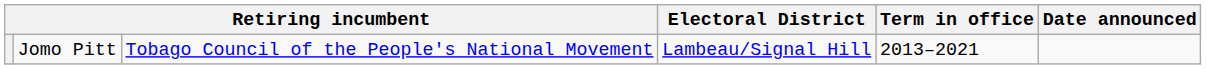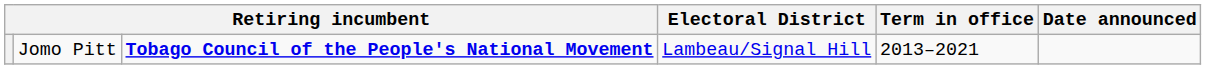 <table class="wikitable sortable">
 <tr>
 <th colspan="3">Retiring incumbent</th>
 <th scope="col">Electoral District</th>
 <th>Term in office</th>
 <th>Date announced</th>
 </tr>
 <tr>
 <th style="color:inherit;background:"></th>
 <td>Jomo Pitt</td>
-<td style="text-align:left;" scope="row"><a href='#'>Tobago Council of the People's National Movement</a></td>
+<td style="text-align:left;" scope="row"><strong><a href='#'>Tobago Council of the People's National Movement</a></strong></td>
 <td><a href='#'>Lambeau/Signal Hill</a></td>
 <td>2013–2021</td>
 <td></td>
 </tr>
 </table>
